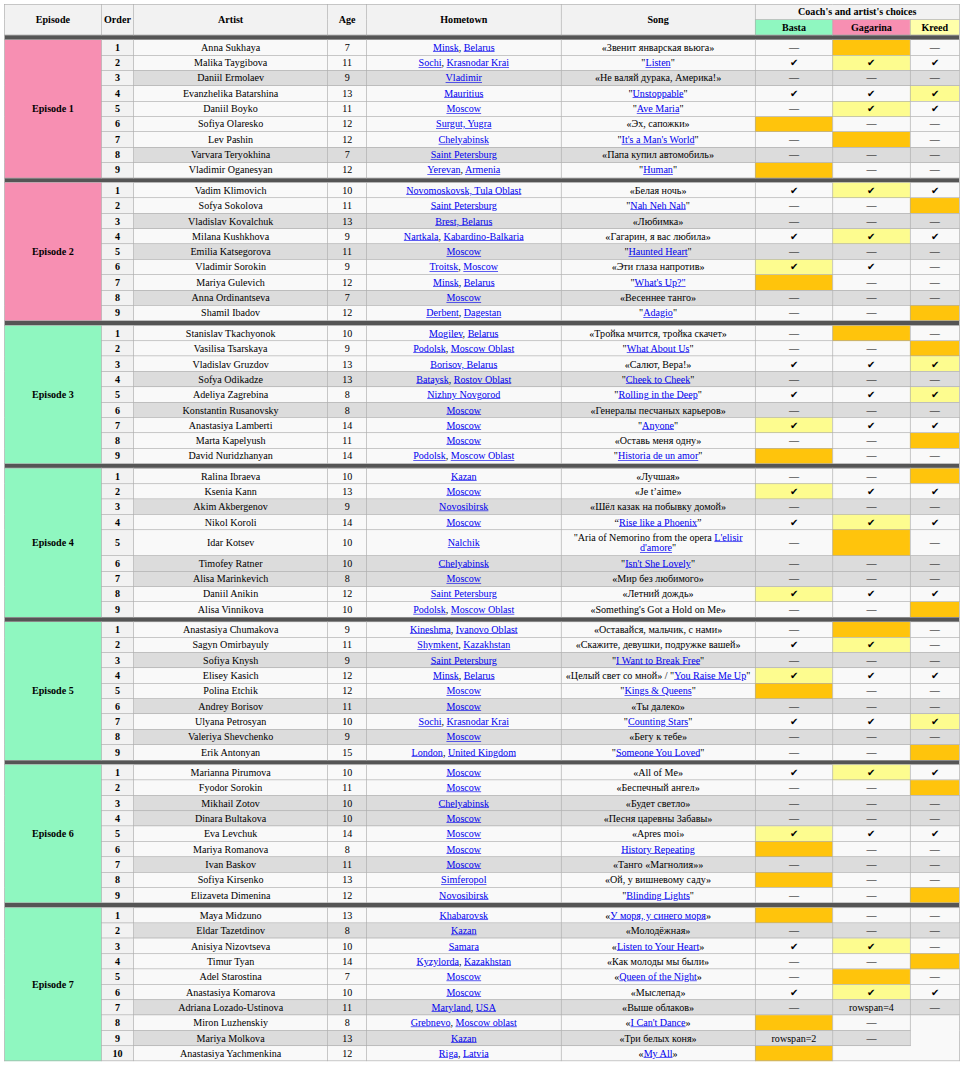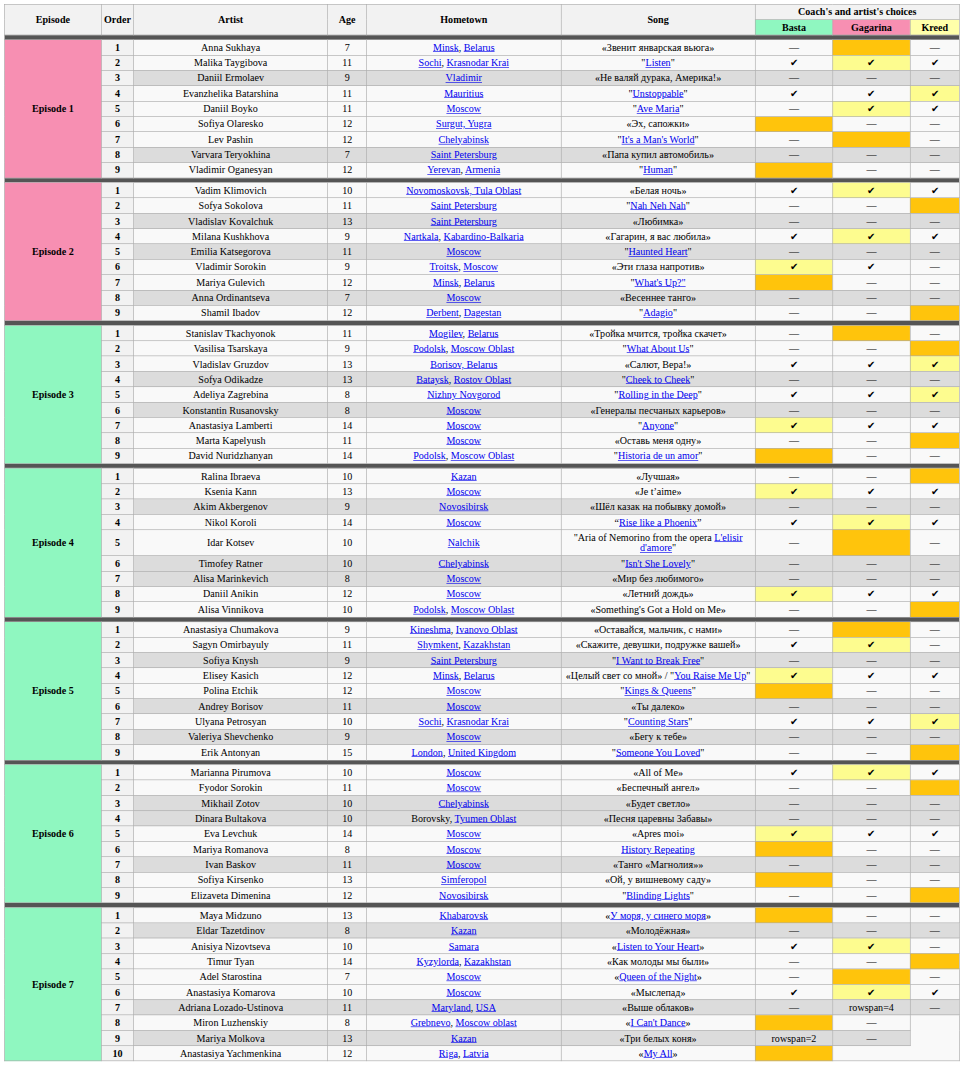 <table class="wikitable" style="text-align:center; line-height:17px; width:120%">
 <tr>
 <th rowspan="2" scope="col" style="width:10%">Episode</th>
 <th rowspan="2" scope="col" style="width:03%">Order</th>
 <th rowspan="2" scope="col" style="width:20%">Artist</th>
 <th rowspan="2" scope="col" style="width:04%">Age</th>
 <th rowspan="2" scope="col" style="width:20%">Hometown</th>
 <th rowspan="2" scope="col" style="width:20%">Song</th>
 <th colspan="3" scope="col" style="width:21%">Coach's and artist's choices</th>
 </tr>
 <tr>
 <th style="background:#8ff7c0;">Basta</th>
 <th style="background:#f78fb2;">Gagarina</th>
 <th style="background:#ffffaa;">Kreed</th>
 </tr>
 <tr>
 <td colspan="9" style="background:#555"></td>
 </tr>
 <tr>
 <td rowspan="9" style="background:#f78fb2;"><strong>Episode 1</strong> <br></td>
 <th>1</th>
 <td>Anna Sukhaya</td>
 <td>7</td>
 <td><a href='#'>Minsk</a>, <a href='#'>Belarus</a> </td>
 <td>«Звенит январская вьюга»</td>
 <td>—</td>
 <td style="background:#ffc40c;"><strong></strong></td>
 <td>—</td>
 </tr>
 <tr>
 <th>2</th>
 <td>Malika Taygibova</td>
 <td>11</td>
 <td><a href='#'>Sochi</a>, <a href='#'>Krasnodar Krai</a></td>
 <td>"<a href='#'>Listen</a>"</td>
 <td>✔</td>
 <td style="background:#fdfc8f;">✔</td>
 <td>✔</td>
 </tr>
 <tr style="background:#dcdcdc;" |>
 <th>3</th>
 <td>Daniil Ermolaev</td>
 <td>9</td>
 <td><a href='#'>Vladimir</a></td>
 <td>«Не валяй дурака, Америка!»</td>
 <td>—</td>
 <td>—</td>
 <td>—</td>
 </tr>
 <tr>
 <th>4</th>
 <td>Evanzhelika Batarshina</td>
-<td>13</td>
+<td>11</td>
 <td><a href='#'>Mauritius</a> </td>
 <td>"<a href='#'>Unstoppable</a>"</td>
 <td>✔</td>
 <td>✔</td>
 <td style="background:#fdfc8f;">✔</td>
 </tr>
 <tr>
 <th>5</th>
 <td>Daniil Boyko</td>
 <td>11</td>
 <td><a href='#'>Moscow</a></td>
 <td>"<a href='#'>Ave Maria</a>"</td>
 <td>—</td>
 <td style="background:#fdfc8f;">✔</td>
 <td>✔</td>
 </tr>
 <tr>
 <th>6</th>
 <td>Sofiya Olaresko</td>
 <td>12</td>
 <td><a href='#'>Surgut, Yugra</a></td>
 <td>«Эх, сапожки»</td>
 <td style="background:#ffc40c;"><strong></strong></td>
 <td>—</td>
 <td>—</td>
 </tr>
 <tr>
 <th>7</th>
 <td>Lev Pashin</td>
 <td>12</td>
 <td><a href='#'>Chelyabinsk</a></td>
 <td>"<a href='#'>It's a Man's World</a>"</td>
 <td>—</td>
 <td style="background:#ffc40c;"><strong></strong></td>
 <td>—</td>
 </tr>
 <tr style="background:#dcdcdc;">
 <th>8</th>
 <td>Varvara Teryokhina</td>
 <td>7</td>
 <td><a href='#'>Saint Petersburg</a></td>
 <td>«Папа купил автомобиль»</td>
 <td>—</td>
 <td>—</td>
 <td>—</td>
 </tr>
 <tr>
 <th>9</th>
 <td>Vladimir Oganesyan</td>
 <td>12</td>
 <td><a href='#'>Yerevan</a>, <a href='#'>Armenia</a> </td>
 <td>"<a href='#'>Human</a>"</td>
 <td style="background:#ffc40c;"><strong></strong></td>
 <td>—</td>
 <td>—</td>
 </tr>
 <tr>
 <td colspan="9" style="background:#555"></td>
 </tr>
 <tr>
 <td rowspan="9" style="background:#f78fb2;"><strong>Episode 2</strong> <br></td>
 <th>1</th>
 <td>Vadim Klimovich</td>
 <td>10</td>
 <td><a href='#'>Novomoskovsk, Tula Oblast</a></td>
 <td>«Белая ночь»</td>
 <td>✔</td>
 <td style="background:#fdfc8f;">✔</td>
 <td>✔</td>
 </tr>
 <tr>
 <th>2</th>
 <td>Sofya Sokolova</td>
 <td>11</td>
 <td><a href='#'>Saint Petersburg</a></td>
 <td>"<a href='#'>Nah Neh Nah</a>"</td>
 <td>—</td>
 <td>—</td>
 <td style="background:#ffc40c;"><strong></strong></td>
 </tr>
 <tr style="background:#dcdcdc;" |>
 <th>3</th>
 <td>Vladislav Kovalchuk</td>
 <td>13</td>
-<td><a href='#'>Brest, Belarus</a> </td>
+<td><a href='#'>Saint Petersburg</a></td>
 <td>«Любимка»</td>
 <td>—</td>
 <td>—</td>
 <td>—</td>
 </tr>
 <tr>
 <th>4</th>
 <td>Milana Kushkhova</td>
 <td>9</td>
 <td><a href='#'>Nartkala</a>, <a href='#'>Kabardino-Balkaria</a></td>
 <td>«Гагарин, я вас любила»</td>
 <td>✔</td>
 <td style="background:#fdfc8f;">✔</td>
 <td>✔</td>
 </tr>
 <tr style="background:#dcdcdc;" |>
 <th>5</th>
 <td>Emilia Katsegorova</td>
 <td>11</td>
 <td><a href='#'>Moscow</a></td>
 <td>"<a href='#'>Haunted Heart</a>"</td>
 <td>—</td>
 <td>—</td>
 <td>—</td>
 </tr>
 <tr>
 <th>6</th>
 <td>Vladimir Sorokin</td>
 <td>9</td>
 <td><a href='#'>Troitsk</a>, <a href='#'>Moscow</a></td>
 <td>«Эти глаза напротив»</td>
 <td style="background:#fdfc8f;">✔</td>
 <td>✔</td>
 <td>—</td>
 </tr>
 <tr>
 <th>7</th>
 <td>Mariya Gulevich</td>
 <td>12</td>
 <td><a href='#'>Minsk</a>, <a href='#'>Belarus</a> </td>
 <td>"<a href='#'>What's Up?"</a></td>
 <td style="background:#ffc40c;"><strong></strong></td>
 <td>—</td>
 <td>—</td>
 </tr>
 <tr style="background:#dcdcdc;" |>
 <th>8</th>
 <td>Anna Ordinantseva</td>
 <td>7</td>
 <td><a href='#'>Moscow</a></td>
 <td>«Весеннее танго»</td>
 <td>—</td>
 <td>—</td>
 <td>—</td>
 </tr>
 <tr>
 <th>9</th>
 <td>Shamil Ibadov</td>
 <td>12</td>
 <td><a href='#'>Derbent</a>, <a href='#'>Dagestan</a></td>
 <td>"<a href='#'>Adagio</a>"</td>
 <td>—</td>
 <td>—</td>
 <td style="background:#ffc40c;"><strong></strong></td>
 </tr>
 <tr>
 <td colspan="9" style="background:#555"></td>
 </tr>
 <tr>
 <td rowspan="9" style="background:#8ff7c0;"><strong>Episode 3</strong> <br></td>
 <th>1</th>
 <td>Stanislav Tkachyonok</td>
-<td>10</td>
+<td>11</td>
 <td><a href='#'>Mogilev</a>, <a href='#'>Belarus</a> </td>
 <td>«Тройка мчится, тройка скачет»</td>
 <td>—</td>
 <td style="background:#ffc40c;"><strong></strong></td>
 <td>—</td>
 </tr>
 <tr>
 <th>2</th>
 <td>Vasilisa Tsarskaya</td>
 <td>9</td>
 <td><a href='#'>Podolsk</a>, <a href='#'>Moscow Oblast</a></td>
 <td>"<a href='#'>What About Us</a>"</td>
 <td>—</td>
 <td>—</td>
 <td style="background:#ffc40c;"><strong></strong></td>
 </tr>
 <tr>
 <th>3</th>
 <td>Vladislav Gruzdov</td>
 <td>13</td>
 <td><a href='#'>Borisov, Belarus</a> </td>
 <td>«Салют, Вера!»</td>
 <td>✔</td>
 <td>✔</td>
 <td style="background:#fdfc8f;">✔</td>
 </tr>
 <tr style="background:#dcdcdc;">
 <th>4</th>
 <td>Sofya Odikadze</td>
 <td>13</td>
 <td><a href='#'>Bataysk</a>, <a href='#'>Rostov Oblast</a></td>
 <td>"<a href='#'>Cheek to Cheek</a>"</td>
 <td>—</td>
 <td>—</td>
 <td>—</td>
 </tr>
 <tr>
 <th>5</th>
 <td>Adeliya Zagrebina</td>
 <td>8</td>
 <td><a href='#'>Nizhny Novgorod</a></td>
 <td>"<a href='#'>Rolling in the Deep</a>"</td>
 <td>✔</td>
 <td>✔</td>
 <td style="background:#fdfc8f;">✔</td>
 </tr>
 <tr style="background:#dcdcdc;">
 <th>6</th>
 <td>Konstantin Rusanovsky</td>
 <td>8</td>
 <td><a href='#'>Moscow</a></td>
 <td>«Генералы песчаных карьеров»</td>
 <td>—</td>
 <td>—</td>
 <td>—</td>
 </tr>
 <tr>
 <th>7</th>
 <td>Anastasiya Lamberti</td>
 <td>14</td>
 <td><a href='#'>Moscow</a></td>
 <td>"<a href='#'>Anyone</a>"</td>
 <td style="background:#fdfc8f;">✔</td>
 <td>✔</td>
 <td>✔</td>
 </tr>
 <tr>
 <th>8</th>
 <td>Marta Kapelyush</td>
 <td>11</td>
 <td><a href='#'>Moscow</a></td>
 <td>«Оставь меня одну»</td>
 <td>—</td>
 <td>—</td>
 <td style="background:#ffc40c;"><strong></strong></td>
 </tr>
 <tr>
 <th>9</th>
 <td>David Nuridzhanyan</td>
 <td>14</td>
 <td><a href='#'>Podolsk</a>, <a href='#'>Moscow Oblast</a></td>
 <td>"<a href='#'>Historia de un amor</a>"</td>
 <td style="background:#ffc40c;"><strong></strong></td>
 <td>—</td>
 <td>—</td>
 </tr>
 <tr>
 <td colspan="9" style="background:#555"></td>
 </tr>
 <tr>
 <td rowspan="9" style="background:#8ff7c0;"><strong>Episode 4</strong> <br></td>
 <th>1</th>
 <td>Ralina Ibraeva</td>
 <td>10</td>
 <td><a href='#'>Kazan</a></td>
 <td>«Лучшая»</td>
 <td>―</td>
 <td>―</td>
 <td style="background:#ffc40c;"><strong></strong></td>
 </tr>
 <tr>
 <th>2</th>
 <td>Ksenia Kann</td>
 <td>13</td>
 <td><a href='#'>Moscow</a></td>
 <td>«Je t’aime»</td>
 <td style="background:#fdfc8f;">✔</td>
 <td>✔</td>
 <td>✔</td>
 </tr>
 <tr style="background:#dcdcdc;">
 <th>3</th>
 <td>Akim Akbergenov</td>
 <td>9</td>
 <td><a href='#'>Novosibirsk</a></td>
 <td>«Шёл казак на побывку домой»</td>
 <td>―</td>
 <td>―</td>
 <td>―</td>
 </tr>
 <tr>
 <th>4</th>
 <td>Nikol Koroli</td>
 <td>14</td>
 <td><a href='#'>Moscow</a></td>
 <td>“<a href='#'>Rise like a Phoenix</a>”</td>
 <td>✔</td>
 <td style="background:#fdfc8f;">✔</td>
 <td>✔</td>
 </tr>
 <tr>
 <th>5</th>
 <td>Idar Kotsev</td>
 <td>10</td>
 <td><a href='#'>Nalchik</a></td>
 <td>"Aria of Nemorino from the opera <a href='#'>L'elisir d'amore</a>"</td>
 <td>―</td>
 <td style="background:#ffc40c;"><strong></strong></td>
 <td>―</td>
 </tr>
 <tr style="background:#dcdcdc;">
 <th>6</th>
 <td>Timofey Ratner</td>
 <td>10</td>
 <td><a href='#'>Chelyabinsk</a></td>
 <td>"<a href='#'>Isn't She Lovely</a>"</td>
 <td>―</td>
 <td>―</td>
 <td>―</td>
 </tr>
 <tr style="background:#dcdcdc;">
 <th>7</th>
 <td>Alisa Marinkevich</td>
 <td>8</td>
 <td><a href='#'>Moscow</a></td>
 <td>«Мир без любимого»</td>
 <td>―</td>
 <td>―</td>
 <td>―</td>
 </tr>
 <tr>
 <th>8</th>
 <td>Daniil Anikin</td>
 <td>12</td>
-<td><a href='#'>Saint Petersburg</a></td>
+<td><a href='#'>Moscow</a></td>
 <td>«Летний дождь»</td>
 <td style="background:#fdfc8f;">✔</td>
 <td>✔</td>
 <td>✔</td>
 </tr>
 <tr>
 <th>9</th>
 <td>Alisa Vinnikova</td>
 <td>10</td>
 <td><a href='#'>Podolsk</a>, <a href='#'>Moscow Oblast</a></td>
 <td>«Something's Got a Hold on Me»</td>
 <td>―</td>
 <td>―</td>
 <td style="background:#ffc40c;"><strong></strong></td>
 </tr>
 <tr>
 <td colspan="9" style="background:#555"></td>
 </tr>
 <tr>
 <td rowspan="9" style="background:#8ff7c0;"><strong>Episode 5</strong> <br></td>
 <th>1</th>
 <td>Anastasiya Chumakova</td>
 <td>9</td>
 <td><a href='#'>Kineshma</a>, <a href='#'>Ivanovo Oblast</a></td>
 <td>«Оставайся, мальчик, с нами»</td>
 <td>―</td>
 <td style="background:#ffc40c;"><strong></strong></td>
 <td>―</td>
 </tr>
 <tr>
 <th>2</th>
 <td>Sagyn Omirbayuly</td>
 <td>11</td>
 <td><a href='#'>Shymkent</a>, <a href='#'>Kazakhstan</a> </td>
 <td>«Скажите, девушки, подружке вашей»</td>
 <td>✔</td>
 <td style="background:#fdfc8f;">✔</td>
 <td>―</td>
 </tr>
 <tr style="background:#dcdcdc;">
 <th>3</th>
 <td>Sofiya Knysh</td>
 <td>9</td>
 <td><a href='#'>Saint Petersburg</a></td>
 <td>"<a href='#'>I Want to Break Free</a>"</td>
 <td>―</td>
 <td>―</td>
 <td>―</td>
 </tr>
 <tr>
 <th>4</th>
 <td>Elisey Kasich</td>
 <td>12</td>
 <td><a href='#'>Minsk</a>, <a href='#'>Belarus</a> </td>
 <td>«Целый свет со мной» / "<a href='#'>You Raise Me Up</a>"</td>
 <td style="background:#fdfc8f;">✔</td>
 <td>✔</td>
 <td>✔</td>
 </tr>
 <tr>
 <th>5</th>
 <td>Polina Etchik</td>
 <td>12</td>
 <td><a href='#'>Moscow</a></td>
 <td>"<a href='#'>Kings & Queens</a>"</td>
 <td style="background:#ffc40c;"><strong></strong></td>
 <td>―</td>
 <td>―</td>
 </tr>
 <tr style="background:#dcdcdc;">
 <th>6</th>
 <td>Andrey Borisov</td>
 <td>11</td>
 <td><a href='#'>Moscow</a></td>
 <td>«Ты далеко»</td>
 <td>―</td>
 <td>―</td>
 <td>―</td>
 </tr>
 <tr>
 <th>7</th>
 <td>Ulyana Petrosyan</td>
 <td>10</td>
 <td><a href='#'>Sochi</a>, <a href='#'>Krasnodar Krai</a></td>
 <td>"<a href='#'>Counting Stars</a>"</td>
 <td>✔</td>
 <td>✔</td>
 <td style="background:#fdfc8f;">✔</td>
 </tr>
 <tr style="background:#dcdcdc;">
 <th>8</th>
 <td>Valeriya Shevchenko</td>
 <td>9</td>
 <td><a href='#'>Moscow</a></td>
 <td>«Бегу к тебе»</td>
 <td>―</td>
 <td>―</td>
 <td>―</td>
 </tr>
 <tr>
 <th>9</th>
 <td>Erik Antonyan</td>
 <td>15</td>
 <td><a href='#'>London</a>, <a href='#'>United Kingdom</a> </td>
 <td>"<a href='#'>Someone You Loved</a>"</td>
 <td>―</td>
 <td>―</td>
 <td style="background:#ffc40c;"><strong></strong></td>
 </tr>
 <tr>
 <td colspan="9" style="background:#555"></td>
 </tr>
 <tr>
 <td rowspan="9" style="background:#8ff7c0;"><strong>Episode 6</strong> <br></td>
 <th>1</th>
 <td>Marianna Pirumova</td>
 <td>10</td>
 <td><a href='#'>Moscow</a></td>
 <td>«All of Me»</td>
 <td>✔</td>
 <td style="background:#fdfc8f;">✔</td>
 <td>✔</td>
 </tr>
 <tr>
 <th>2</th>
 <td>Fyodor Sorokin</td>
 <td>11</td>
 <td><a href='#'>Moscow</a></td>
 <td>«Беспечный ангел»</td>
 <td>—</td>
 <td>—</td>
 <td style="background:#ffc40c;"><strong></strong></td>
 </tr>
 <tr style="background:#dcdcdc;">
 <th>3</th>
 <td>Mikhail Zotov</td>
 <td>10</td>
 <td><a href='#'>Chelyabinsk</a></td>
 <td>«Будет светло»</td>
 <td>—</td>
 <td>—</td>
 <td>—</td>
 </tr>
 <tr style="background:#dcdcdc;">
 <th>4</th>
 <td>Dinara Bultakova</td>
 <td>10</td>
-<td><a href='#'>Moscow</a></td>
+<td>Borovsky, <a href='#'>Tyumen Oblast</a></td>
 <td>«Песня царевны Забавы»</td>
 <td>—</td>
 <td>—</td>
 <td>—</td>
 </tr>
 <tr>
 <th>5</th>
 <td>Eva Levchuk</td>
 <td>14</td>
 <td><a href='#'>Moscow</a></td>
 <td>«Apres moi»</td>
 <td style="background:#fdfc8f;">✔</td>
 <td>✔</td>
 <td>✔</td>
 </tr>
 <tr>
 <th>6</th>
 <td>Mariya Romanova</td>
 <td>8</td>
 <td><a href='#'>Moscow</a></td>
 <td><a href='#'>History Repeating</a></td>
 <td style="background:#ffc40c;"><strong></strong></td>
 <td>—</td>
 <td>—</td>
 </tr>
 <tr style="background:#dcdcdc;">
 <th>7</th>
 <td>Ivan Baskov</td>
 <td>11</td>
 <td><a href='#'>Moscow</a></td>
 <td>«Танго «Магнолия»»</td>
 <td>—</td>
 <td>—</td>
 <td>—</td>
 </tr>
 <tr>
 <th>8</th>
 <td>Sofiya Kirsenko</td>
 <td>13</td>
 <td><a href='#'>Simferopol</a></td>
 <td>«Ой, у вишневому саду»</td>
 <td style="background:#ffc40c;"><strong></strong></td>
 <td>—</td>
 <td>—</td>
 </tr>
 <tr>
 <th>9</th>
 <td>Elizaveta Dimenina</td>
 <td>12</td>
 <td><a href='#'>Novosibirsk</a></td>
 <td>"<a href='#'>Blinding Lights</a>"</td>
 <td>—</td>
 <td>—</td>
 <td style="background:#ffc40c;"><strong></strong></td>
 </tr>
 <tr>
 <td colspan="9" style="background:#555"></td>
 </tr>
 <tr>
 <td rowspan="10" style="background:#8ff7c0;"><strong>Episode 7</strong> <br></td>
 <th>1</th>
 <td>Maya Midzuno</td>
 <td>13</td>
 <td><a href='#'>Khabarovsk</a></td>
 <td>«<a href='#'>У моря, у синего моря</a>»</td>
 <td style="background:#ffc40c;"><strong></strong></td>
 <td>—</td>
 <td>—</td>
 </tr>
 <tr style="background:#dcdcdc;">
 <th>2</th>
 <td>Eldar Tazetdinov</td>
 <td>8</td>
 <td><a href='#'>Kazan</a></td>
 <td>«Молодёжная»</td>
 <td>—</td>
 <td>—</td>
 <td>—</td>
 </tr>
 <tr>
 <th>3</th>
 <td>Anisiya Nizovtseva</td>
 <td>10</td>
 <td><a href='#'>Samara</a></td>
 <td>«<a href='#'>Listen to Your Heart</a>»</td>
 <td>✔</td>
 <td style="background:#fdfc8f;">✔</td>
 <td>—</td>
 </tr>
 <tr>
 <th>4</th>
 <td>Timur Tyan</td>
 <td>14</td>
 <td><a href='#'>Kyzylorda</a>, <a href='#'>Kazakhstan</a> </td>
 <td>«Как молоды мы были»</td>
 <td>—</td>
 <td>—</td>
 <td style="background:#ffc40c;"><strong></strong></td>
 </tr>
 <tr>
 <th>5</th>
 <td>Adel Starostina</td>
 <td>7</td>
 <td><a href='#'>Moscow</a></td>
 <td>«<a href='#'>Queen of the Night</a>»</td>
 <td>—</td>
 <td style="background:#ffc40c;"><strong></strong></td>
 <td>—</td>
 </tr>
 <tr>
 <th>6</th>
 <td>Anastasiya Komarova</td>
 <td>10</td>
 <td><a href='#'>Moscow</a></td>
 <td>«Мыслепад»</td>
 <td>✔</td>
 <td style="background:#fdfc8f;">✔</td>
 <td>✔</td>
 </tr>
 <tr style="background:#dcdcdc;">
 <th>7</th>
 <td>Adriana Lozado-Ustinova</td>
 <td>11</td>
 <td><a href='#'>Maryland</a>, <a href='#'>USA</a> </td>
 <td>«Выше облаков»</td>
 <td>—</td>
 <td>rowspan=4 </td>
 <td>—</td>
 </tr>
 <tr>
 <th>8</th>
 <td>Miron Luzhenskiy</td>
 <td>8</td>
 <td><a href='#'>Grebnevo</a>, <a href='#'>Moscow oblast</a></td>
 <td>«<a href='#'>I Can't Dance</a>»</td>
 <td style="background:#ffc40c;"><strong></strong></td>
 <td>—</td>
 </tr>
 <tr style="background:#dcdcdc;">
 <th>9</th>
 <td>Mariya Molkova</td>
 <td>13</td>
 <td><a href='#'>Kazan</a></td>
 <td>«Три белых коня»</td>
 <td>rowspan=2 </td>
 <td>—</td>
 </tr>
 <tr>
 <th>10</th>
 <td>Anastasiya Yachmenkina</td>
 <td>12</td>
 <td><a href='#'>Riga</a>, <a href='#'>Latvia</a> </td>
 <td>«<a href='#'>My All</a>»</td>
 <td style="background:#ffc40c;"><strong></strong></td>
 </tr>
 </table>
